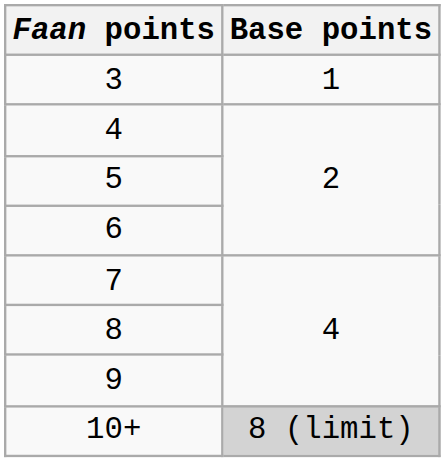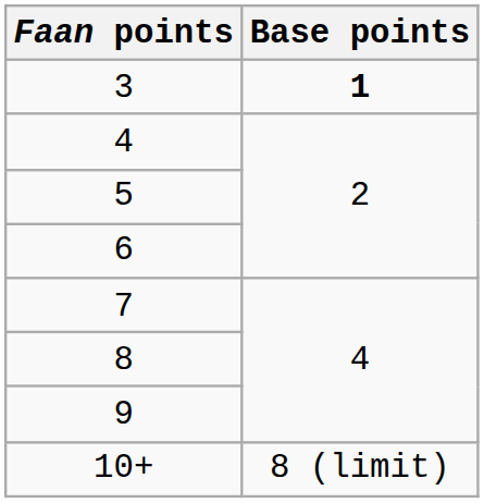 <table class="wikitable" style="text-align:center;">
 <tr>
 <th><em>Faan</em> points</th>
 <th>Base points</th>
 </tr>
 <tr>
 <td>3</td>
-<td>1</td>
+<td><strong>1</strong></td>
 </tr>
 <tr>
 <td>4</td>
 <td rowspan=3>2</td>
 </tr>
 <tr>
 <td>5</td>
 </tr>
 <tr>
 <td>6</td>
 </tr>
 <tr>
 <td>7</td>
 <td rowspan=3>4</td>
 </tr>
 <tr>
 <td>8</td>
 </tr>
 <tr>
 <td>9</td>
 </tr>
 <tr>
 <td>10+</td>
-<td style="background: lightgrey;">8 (limit)</td>
+<td>8 (limit)</td>
 </tr>
 </table>
